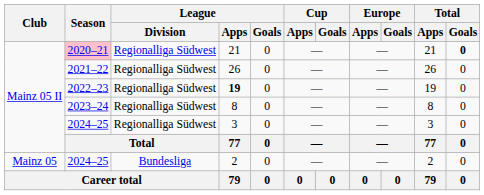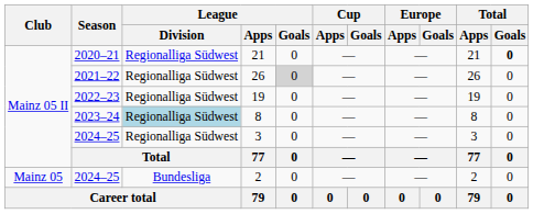 <table class="wikitable" style="text-align:center">
 <tr>
 <th rowspan="2">Club</th>
 <th rowspan="2">Season</th>
 <th colspan="3">League</th>
 <th colspan="2">Cup</th>
 <th colspan="2">Europe</th>
 <th colspan="2">Total</th>
 </tr>
 <tr>
 <th>Division</th>
 <th>Apps</th>
 <th>Goals</th>
 <th>Apps</th>
 <th>Goals</th>
 <th>Apps</th>
 <th>Goals</th>
 <th>Apps</th>
 <th>Goals</th>
 </tr>
 <tr>
 <td rowspan="6"><a href='#'>Mainz 05 II</a></td>
-<td style="background: pink;"><a href='#'>2020–21</a></td>
+<td><a href='#'>2020–21</a></td>
 <td><a href='#'>Regionalliga Südwest</a></td>
 <td>21</td>
 <td>0</td>
 <td colspan="2">—</td>
 <td colspan="2">—</td>
 <td>21</td>
 <td><strong>0</strong></td>
 </tr>
 <tr>
 <td><a href='#'>2021–22</a></td>
 <td>Regionalliga Südwest</td>
 <td>26</td>
-<td>0</td>
+<td style="background: lightgrey;">0</td>
 <td colspan="2">—</td>
 <td colspan="2">—</td>
 <td>26</td>
 <td>0</td>
 </tr>
 <tr>
 <td><a href='#'>2022–23</a></td>
 <td>Regionalliga Südwest</td>
-<td><strong>19</strong></td>
+<td>19</td>
 <td>0</td>
 <td colspan="2">—</td>
 <td colspan="2">—</td>
 <td>19</td>
 <td>0</td>
 </tr>
 <tr>
 <td><a href='#'>2023–24</a></td>
-<td>Regionalliga Südwest</td>
+<td style="background: lightblue;">Regionalliga Südwest</td>
 <td>8</td>
 <td>0</td>
 <td colspan="2">—</td>
 <td colspan="2">—</td>
 <td>8</td>
 <td>0</td>
 </tr>
 <tr>
 <td><a href='#'>2024–25</a></td>
 <td>Regionalliga Südwest</td>
 <td>3</td>
 <td>0</td>
 <td colspan="2">—</td>
 <td colspan="2">—</td>
 <td>3</td>
 <td>0</td>
 </tr>
 <tr>
 <th colspan="2">Total</th>
 <th>77</th>
 <th>0</th>
 <th colspan="2">—</th>
 <th colspan="2">—</th>
 <th>77</th>
 <th>0</th>
 </tr>
 <tr>
 <td><a href='#'>Mainz 05</a></td>
 <td><a href='#'>2024–25</a></td>
 <td><a href='#'>Bundesliga</a></td>
 <td>2</td>
 <td>0</td>
 <td colspan="2">—</td>
 <td colspan="2">—</td>
 <td>2</td>
 <td>0</td>
 </tr>
 <tr>
 <th colspan="3">Career total</th>
 <th>79</th>
 <th>0</th>
 <th>0</th>
 <th>0</th>
 <th>0</th>
 <th>0</th>
 <th>79</th>
 <th>0</th>
 </tr>
 </table>
